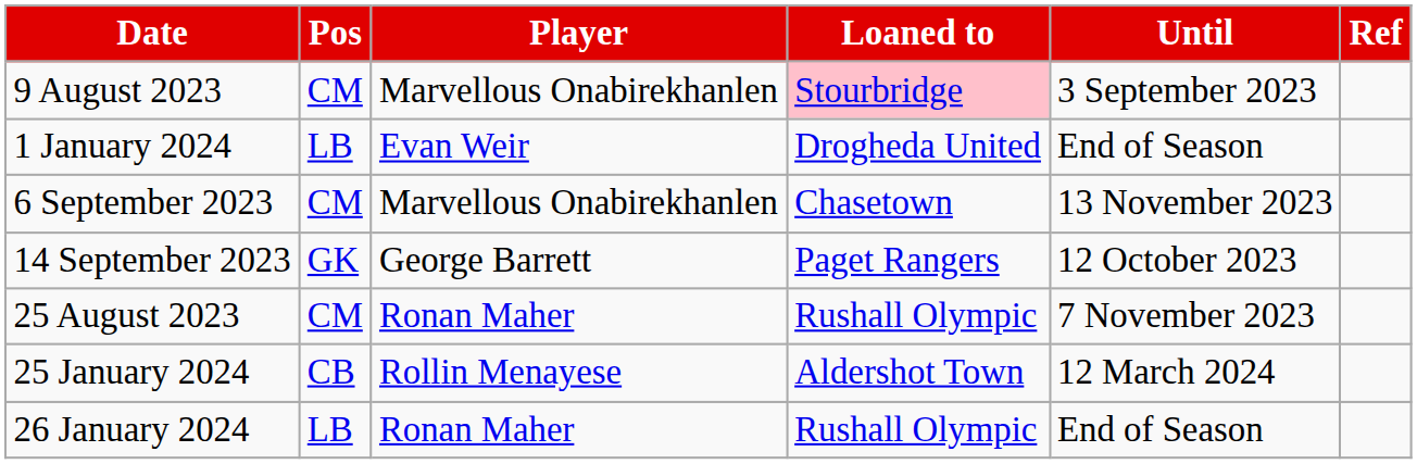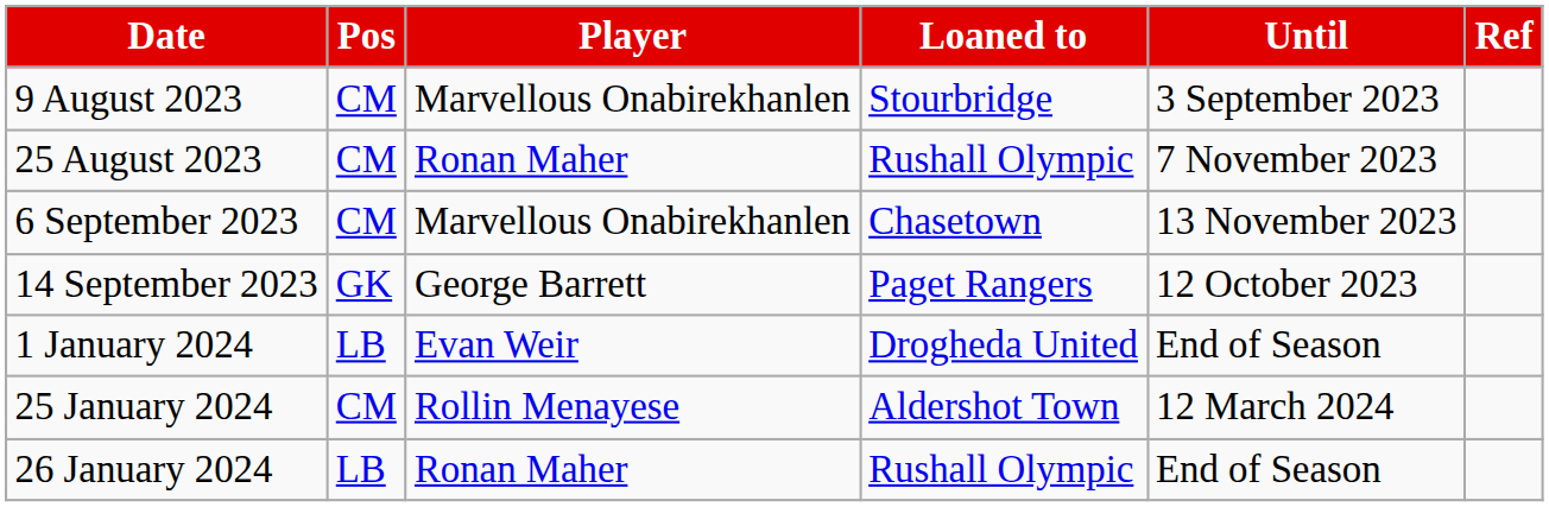 <table class="wikitable plainrowheaders sortable">
 <tr>
 <th style="background:#E00000;color:white;">Date</th>
 <th style="background:#E00000;color:white;">Pos</th>
 <th style="background:#E00000;color:white;">Player</th>
 <th style="background:#E00000;color:white;">Loaned to</th>
 <th style="background:#E00000;color:white;">Until</th>
 <th style="background:#E00000;color:white;">Ref</th>
 </tr>
 <tr>
 <td>9 August 2023</td>
 <td><a href='#'>CM</a></td>
 <td> Marvellous Onabirekhanlen</td>
-<td style="background: pink;"> <a href='#'>Stourbridge</a></td>
+<td> <a href='#'>Stourbridge</a></td>
 <td>3 September 2023</td>
 <td></td>
 </tr>
 <tr>
-<td>1 January 2024</td>
-<td><a href='#'>LB</a></td>
-<td> <a href='#'>Evan Weir</a></td>
-<td> <a href='#'>Drogheda United</a></td>
-<td>End of Season</td>
+<td>25 August 2023</td>
+<td><a href='#'>CM</a></td>
+<td> <a href='#'>Ronan Maher</a></td>
+<td> <a href='#'>Rushall Olympic</a></td>
+<td>7 November 2023</td>
 <td></td>
 </tr>
 <tr>
 <td>6 September 2023</td>
 <td><a href='#'>CM</a></td>
 <td> Marvellous Onabirekhanlen</td>
 <td> <a href='#'>Chasetown</a></td>
 <td>13 November 2023</td>
 <td></td>
 </tr>
 <tr>
 <td>14 September 2023</td>
 <td><a href='#'>GK</a></td>
 <td> George Barrett</td>
 <td> <a href='#'>Paget Rangers</a></td>
 <td>12 October 2023</td>
 <td></td>
 </tr>
 <tr>
-<td>25 August 2023</td>
-<td><a href='#'>CM</a></td>
-<td> <a href='#'>Ronan Maher</a></td>
-<td> <a href='#'>Rushall Olympic</a></td>
-<td>7 November 2023</td>
+<td>1 January 2024</td>
+<td><a href='#'>LB</a></td>
+<td> <a href='#'>Evan Weir</a></td>
+<td> <a href='#'>Drogheda United</a></td>
+<td>End of Season</td>
 <td></td>
 </tr>
 <tr>
 <td>25 January 2024</td>
-<td><a href='#'>CB</a></td>
+<td><a href='#'>CM</a></td>
 <td> <a href='#'>Rollin Menayese</a></td>
 <td> <a href='#'>Aldershot Town</a></td>
 <td>12 March 2024</td>
 <td></td>
 </tr>
 <tr>
 <td>26 January 2024</td>
 <td><a href='#'>LB</a></td>
 <td> <a href='#'>Ronan Maher</a></td>
 <td> <a href='#'>Rushall Olympic</a></td>
 <td>End of Season</td>
 <td></td>
 </tr>
 </table>
